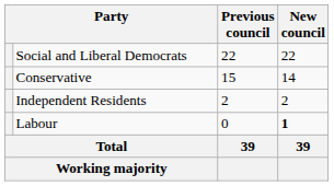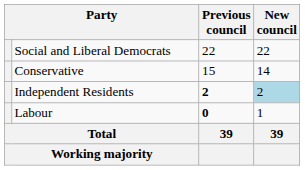 <table class="wikitable">
 <tr>
 <th valign=top colspan="2" style="width: 230px">Party</th>
 <th valign=top style="width: 30px">Previous council</th>
 <th valign=top style="width: 30px">New council</th>
 </tr>
 <tr>
 <th style="background-color: "></th>
 <td>Social and Liberal Democrats</td>
 <td>22</td>
 <td>22</td>
 </tr>
 <tr>
 <th style="background-color: "></th>
 <td>Conservative</td>
 <td>15</td>
 <td>14</td>
 </tr>
 <tr>
 <th style="background-color: "></th>
 <td>Independent Residents</td>
-<td>2</td>
-<td>2</td>
+<td><strong>2</strong></td>
+<td style="background: lightblue;">2</td>
 </tr>
 <tr>
 <th style="background-color: "></th>
 <td>Labour</td>
-<td>0</td>
-<td><strong>1</strong></td>
+<td><strong>0</strong></td>
+<td>1</td>
 </tr>
 <tr>
 <th colspan=2>Total</th>
 <th style="text-align: center">39</th>
 <th colspan=3>39</th>
 </tr>
 <tr>
 <th colspan=2>Working majority</th>
 <th></th>
 <th></th>
 </tr>
 </table>
